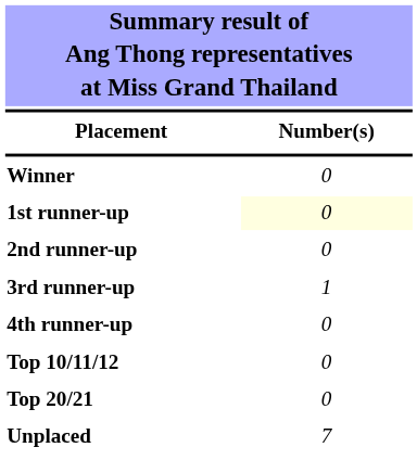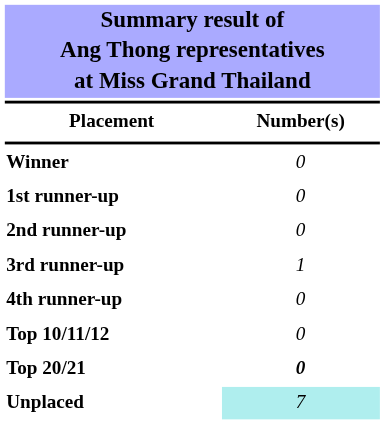 <table style="width: 270px; font-size:85%; line-height:1.5em;">
 <tr>
 <th colspan="2" align="center" style="background:#AAF;"><big>Summary result of<br>Ang Thong representatives<br>at Miss Grand Thailand</big></th>
 </tr>
 <tr>
 <td colspan="2" style="background:black"></td>
 </tr>
 <tr>
 <th scope="col">Placement</th>
 <th scope="col">Number(s)</th>
 </tr>
 <tr>
 <td colspan="2" style="background:black"></td>
 </tr>
 <tr>
 <td align="left"><strong>Winner</strong></td>
 <td align="center"><em>0</em></td>
 </tr>
 <tr>
 <td align="left"><strong>1st runner-up</strong></td>
-<td align="center" style="background: lightyellow;"><em>0</em></td>
+<td align="center"><em>0</em></td>
 </tr>
 <tr>
 <td align="left"><strong>2nd runner-up</strong></td>
 <td align="center"><em>0</em></td>
 </tr>
 <tr>
 <td align="left"><strong>3rd runner-up</strong></td>
 <td align="center"><em>1</em></td>
 </tr>
 <tr>
 <td align="left"><strong>4th runner-up</strong></td>
 <td align="center"><em>0</em></td>
 </tr>
 <tr>
 <td align="left"><strong>Top 10/11/12</strong></td>
 <td align="center"><em>0</em></td>
 </tr>
 <tr>
 <td align="left"><strong>Top 20/21</strong></td>
-<td align="center"><em>0</em></td>
+<td align="center"><strong><em>0</em></strong></td>
 </tr>
 <tr>
 <td align="left"><strong>Unplaced</strong></td>
-<td align="center"><em>7</em></td>
+<td align="center" style="background: paleturquoise;"><em>7</em></td>
 </tr>
 </table>
